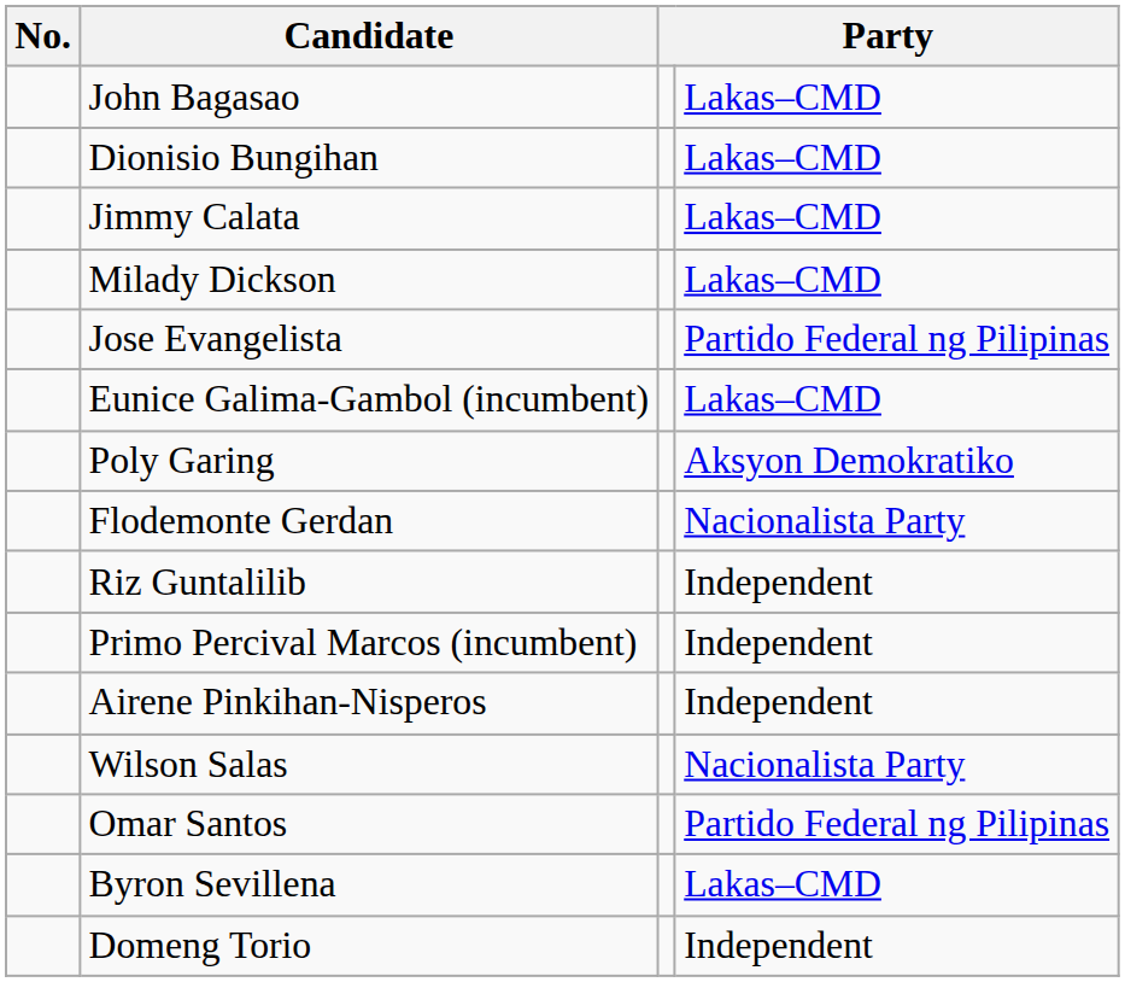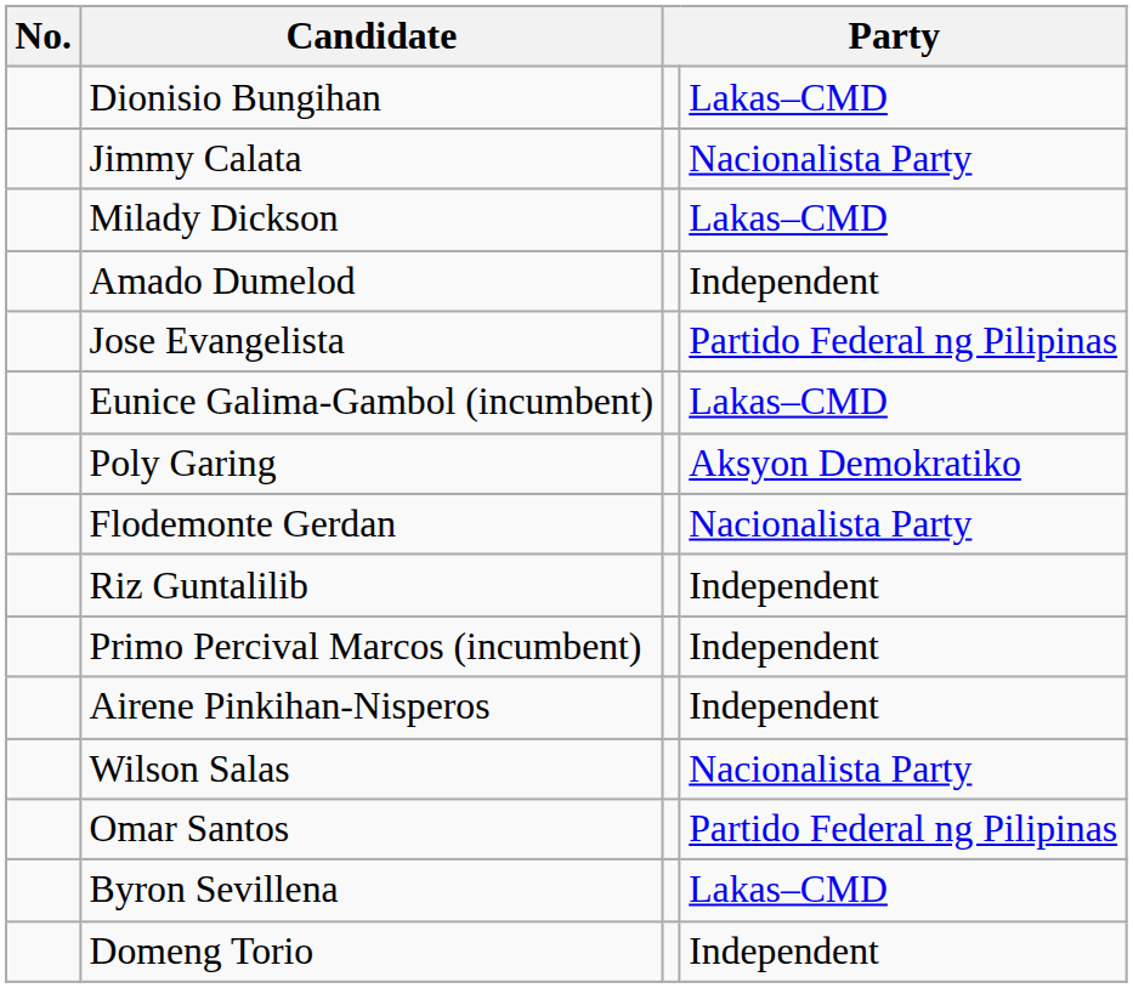 <table class="wikitable sortable" style="text-align:left;">
 <tr>
 <th>No.</th>
 <th>Candidate</th>
 <th colspan="2">Party</th>
-</tr>
-<tr>
-<td></td>
-<td>John Bagasao</td>
-<td></td>
-<td><a href='#'>Lakas–CMD</a></td>
 </tr>
 <tr>
 <td></td>
 <td>Dionisio Bungihan</td>
 <td></td>
 <td><a href='#'>Lakas–CMD</a></td>
 </tr>
 <tr>
 <td></td>
 <td>Jimmy Calata</td>
 <td></td>
-<td><a href='#'>Lakas–CMD</a></td>
+<td><a href='#'>Nacionalista Party</a></td>
 </tr>
 <tr>
 <td></td>
 <td>Milady Dickson</td>
 <td></td>
 <td><a href='#'>Lakas–CMD</a></td>
+</tr>
+<tr>
+<td></td>
+<td>Amado Dumelod</td>
+<td></td>
+<td>Independent</td>
 </tr>
 <tr>
 <td></td>
 <td>Jose Evangelista</td>
 <td></td>
 <td><a href='#'>Partido Federal ng Pilipinas</a></td>
 </tr>
 <tr>
 <td></td>
 <td>Eunice Galima-Gambol (incumbent)</td>
 <td></td>
 <td><a href='#'>Lakas–CMD</a></td>
 </tr>
 <tr>
 <td></td>
 <td>Poly Garing</td>
 <td></td>
 <td><a href='#'>Aksyon Demokratiko</a></td>
 </tr>
 <tr>
 <td></td>
 <td>Flodemonte Gerdan</td>
 <td></td>
 <td><a href='#'>Nacionalista Party</a></td>
 </tr>
 <tr>
 <td></td>
 <td>Riz Guntalilib</td>
 <td></td>
 <td>Independent</td>
 </tr>
 <tr>
 <td></td>
 <td>Primo Percival Marcos (incumbent)</td>
 <td></td>
 <td>Independent</td>
 </tr>
 <tr>
 <td></td>
 <td>Airene Pinkihan-Nisperos</td>
 <td></td>
 <td>Independent</td>
 </tr>
 <tr>
 <td></td>
 <td>Wilson Salas</td>
 <td></td>
 <td><a href='#'>Nacionalista Party</a></td>
 </tr>
 <tr>
 <td></td>
 <td>Omar Santos</td>
 <td></td>
 <td><a href='#'>Partido Federal ng Pilipinas</a></td>
 </tr>
 <tr>
 <td></td>
 <td>Byron Sevillena</td>
 <td></td>
 <td><a href='#'>Lakas–CMD</a></td>
 </tr>
 <tr>
 <td></td>
 <td>Domeng Torio</td>
 <td></td>
 <td>Independent</td>
 </tr>
 </table>
